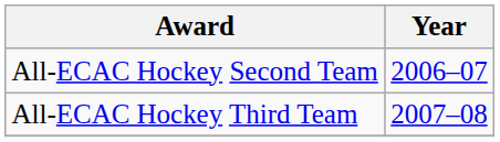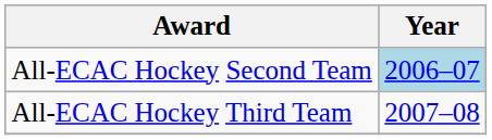 <table class="wikitable">
 <tr>
 <th>Award</th>
 <th>Year</th>
 </tr>
 <tr>
 <td>All-<a href='#'>ECAC Hockey</a> <a href='#'>Second Team</a></td>
-<td><a href='#'>2006–07</a></td>
+<td style="background: lightblue;"><a href='#'>2006–07</a></td>
 </tr>
 <tr>
 <td>All-<a href='#'>ECAC Hockey</a> <a href='#'>Third Team</a></td>
 <td><a href='#'>2007–08</a></td>
 </tr>
 <tr>
 </tr>
 </table>
